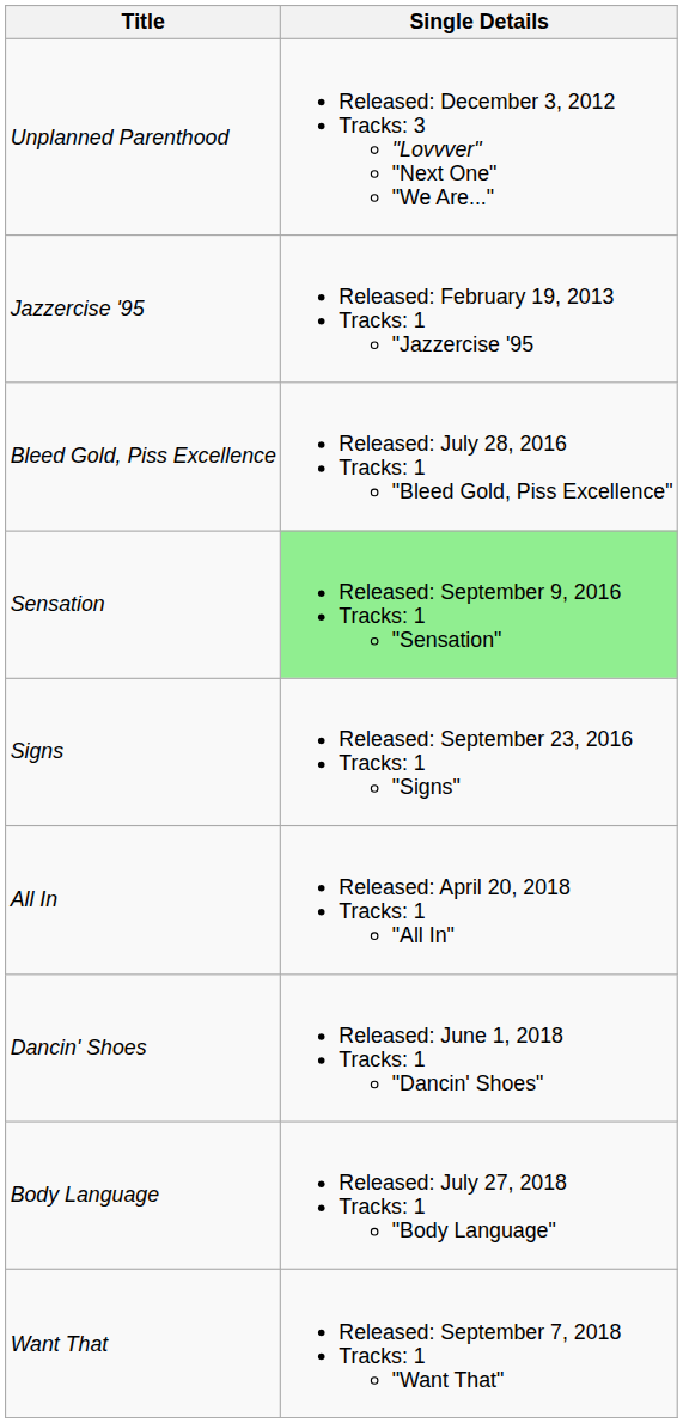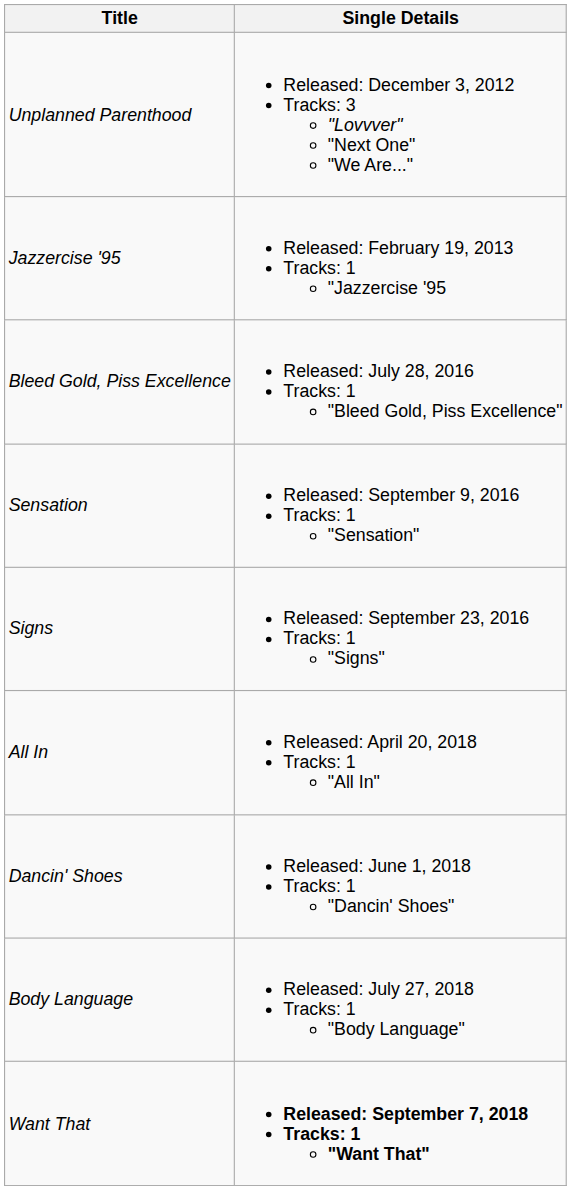 <table class="wikitable">
 <tr>
 <th>Title</th>
 <th>Single Details</th>
 </tr>
 <tr>
 <td><em>Unplanned Parenthood</em></td>
 <td><br><ul><li>Released: December 3, 2012</li><li>Tracks: 3<ul><li><em>"Lovvver"</em></li><li>"Next One"</li><li>"We Are..."</li></ul></li></ul></td>
 </tr>
 <tr>
 <td><em>Jazzercise '95</em></td>
 <td><br><ul><li>Released: February 19, 2013</li><li>Tracks: 1<ul><li>"Jazzercise '95</li></ul></li></ul></td>
 </tr>
 <tr>
 <td><em>Bleed Gold, Piss Excellence</em></td>
 <td><br><ul><li>Released: July 28, 2016</li><li>Tracks: 1<ul><li>"Bleed Gold, Piss Excellence"</li></ul></li></ul></td>
 </tr>
 <tr>
 <td><em>Sensation</em></td>
-<td style="background: lightgreen;"><br><ul><li>Released: September 9, 2016</li><li>Tracks: 1<ul><li>"Sensation"</li></ul></li></ul></td>
+<td><br><ul><li>Released: September 9, 2016</li><li>Tracks: 1<ul><li>"Sensation"</li></ul></li></ul></td>
 </tr>
 <tr>
 <td><em>Signs</em></td>
 <td><br><ul><li>Released: September 23, 2016</li><li>Tracks: 1<ul><li>"Signs"</li></ul></li></ul></td>
 </tr>
 <tr>
 <td><em>All In</em></td>
 <td><br><ul><li>Released: April 20, 2018</li><li>Tracks: 1<ul><li>"All In"</li></ul></li></ul></td>
 </tr>
 <tr>
 <td><em>Dancin' Shoes</em></td>
 <td><br><ul><li>Released: June 1, 2018</li><li>Tracks: 1<ul><li>"Dancin' Shoes"</li></ul></li></ul></td>
 </tr>
 <tr>
 <td><em>Body Language</em></td>
 <td><br><ul><li>Released: July 27, 2018</li><li>Tracks: 1<ul><li>"Body Language"</li></ul></li></ul></td>
 </tr>
 <tr>
 <td><em>Want That</em></td>
-<td><br><ul><li>Released: September 7, 2018</li><li>Tracks: 1<ul><li>"Want That"</li></ul></li></ul></td>
+<td><strong><br><ul><li>Released: September 7, 2018</li><li>Tracks: 1<ul><li>"Want That"</li></ul></li></ul></strong></td>
 </tr>
 </table>
